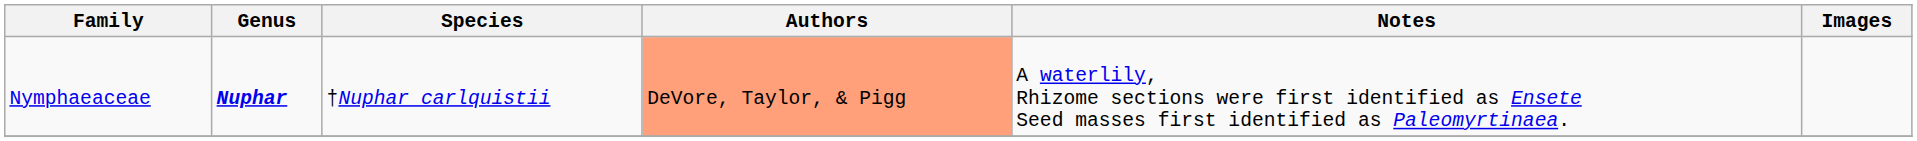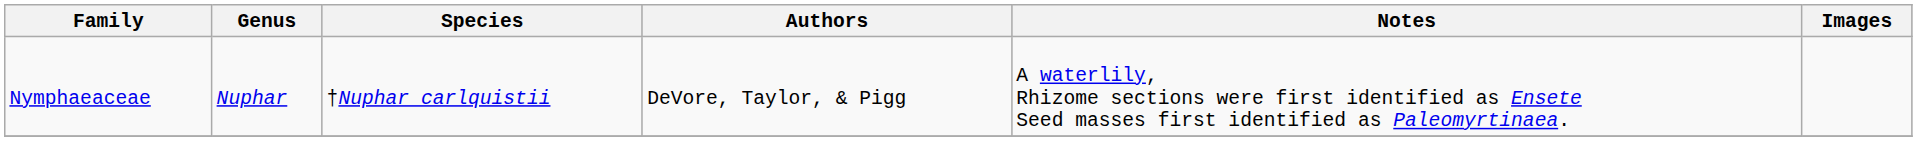 <table class="wikitable sortable"  style="margin:auto; width:100%;">
 <tr>
 <th>Family</th>
 <th>Genus</th>
 <th>Species</th>
 <th>Authors</th>
 <th>Notes</th>
 <th>Images</th>
 </tr>
 <tr>
 <td><br><a href='#'>Nymphaeaceae</a></td>
-<td><strong><br><em><a href='#'>Nuphar</a></em></strong></td>
+<td><br><em><a href='#'>Nuphar</a></em></td>
 <td><br>†<em><a href='#'>Nuphar carlquistii</a></em></td>
-<td style="background: lightsalmon;"><br>DeVore, Taylor, & Pigg</td>
+<td><br>DeVore, Taylor, & Pigg</td>
 <td><br>A <a href='#'>waterlily</a>,<br> Rhizome sections were first identified as <em><a href='#'>Ensete</a></em><br> Seed masses first identified as <em><a href='#'>Paleomyrtinaea</a></em>.</td>
 <td><br></td>
 </tr>
 <tr>
 </tr>
 </table>
